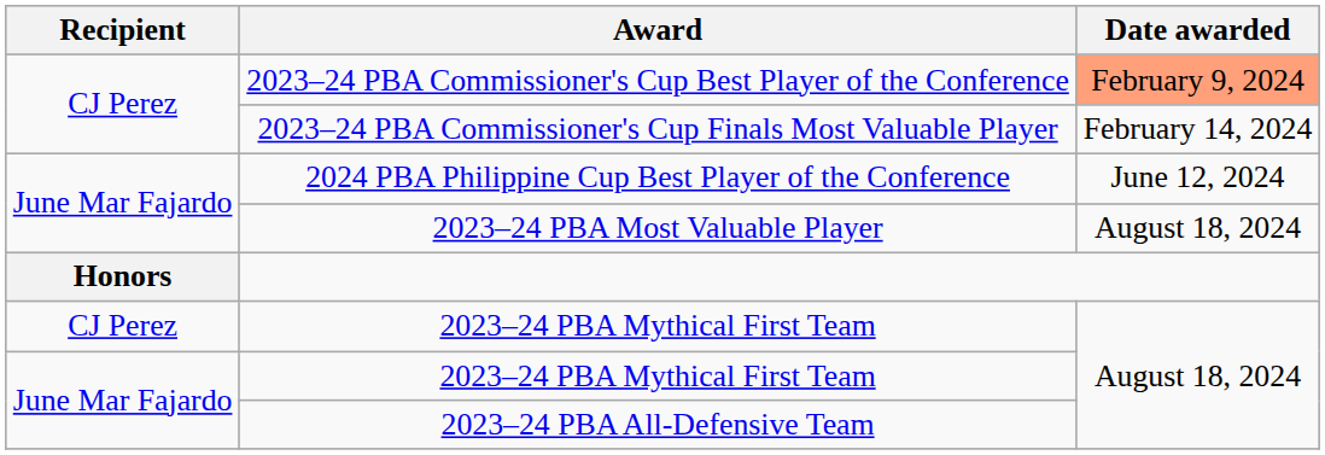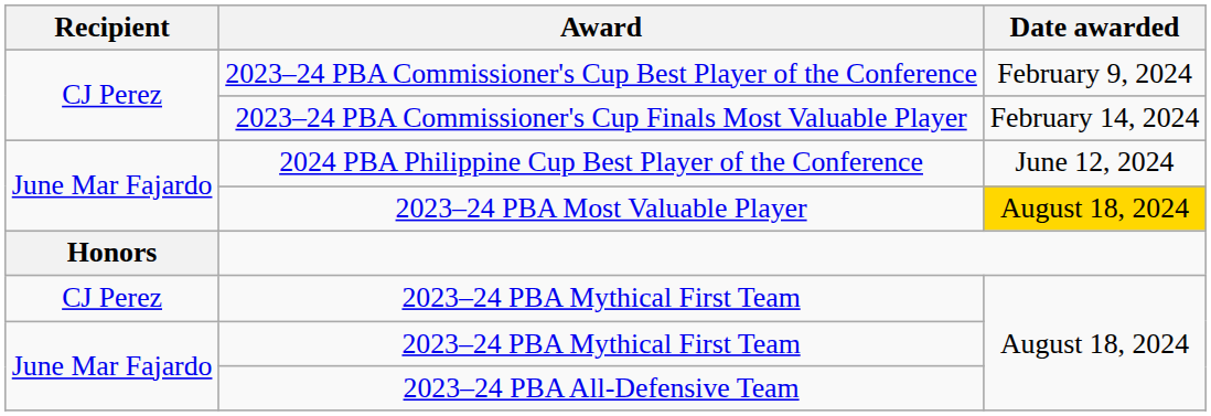 <table class="wikitable sortable sortable" style="text-align: center">
 <tr>
 <th>Recipient</th>
 <th>Award</th>
 <th>Date awarded</th>
 </tr>
 <tr>
 <td rowspan=2><a href='#'>CJ Perez</a></td>
 <td><a href='#'>2023–24 PBA Commissioner's Cup Best Player of the Conference</a></td>
-<td style="background: lightsalmon;">February 9, 2024</td>
+<td>February 9, 2024</td>
 </tr>
 <tr>
 <td><a href='#'>2023–24 PBA Commissioner's Cup Finals Most Valuable Player</a></td>
 <td>February 14, 2024</td>
 </tr>
 <tr>
 <td rowspan=2><a href='#'>June Mar Fajardo</a></td>
 <td><a href='#'>2024 PBA Philippine Cup Best Player of the Conference</a></td>
 <td>June 12, 2024</td>
 </tr>
 <tr>
 <td><a href='#'>2023–24 PBA Most Valuable Player</a></td>
-<td>August 18, 2024</td>
+<td style="background: gold;">August 18, 2024</td>
 </tr>
 <tr>
 <th>Honors</th>
 </tr>
 <tr>
 <td><a href='#'>CJ Perez</a></td>
 <td><a href='#'>2023–24 PBA Mythical First Team</a></td>
 <td rowspan=3>August 18, 2024</td>
 </tr>
 <tr>
 <td rowspan=2><a href='#'>June Mar Fajardo</a></td>
 <td><a href='#'>2023–24 PBA Mythical First Team</a></td>
 </tr>
 <tr>
 <td><a href='#'>2023–24 PBA All-Defensive Team</a></td>
 </tr>
 </table>
